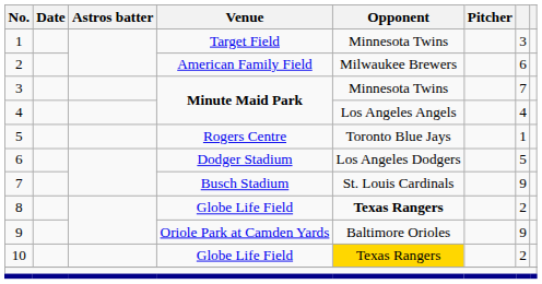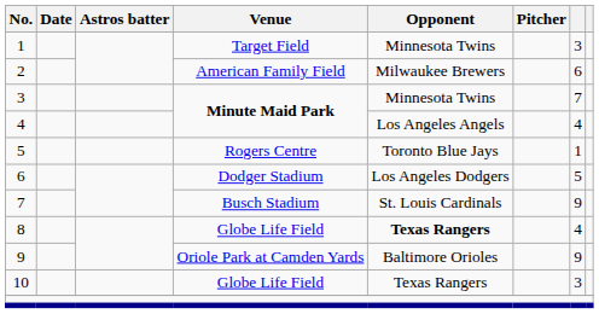 <table class="wikitable sortable" border="1" style="font-size: 90%">
 <tr>
 <th>No.</th>
 <th>Date</th>
 <th>Astros batter</th>
 <th>Venue</th>
 <th>Opponent</th>
 <th>Pitcher</th>
 <th></th>
 <th></th>
 </tr>
 <tr>
 <td align="center">1</td>
 <td align="center"></td>
 <td rowspan=2><strong></strong></td>
 <td align="center"><a href='#'>Target Field</a></td>
 <td align="center">Minnesota Twins</td>
 <td></td>
 <td align="center">3</td>
 <td align="center"></td>
 </tr>
 <tr>
 <td align="center">2</td>
 <td align="center"></td>
 <td align="center"><a href='#'>American Family Field</a></td>
 <td align="center">Milwaukee Brewers</td>
 <td></td>
 <td align="center">6</td>
 <td align="center"></td>
 </tr>
 <tr>
 <td align="center">3</td>
 <td align="center"></td>
 <td><strong></strong></td>
 <td rowspan=2 align="center"><strong>Minute Maid Park</strong></td>
 <td align="center">Minnesota Twins</td>
 <td></td>
 <td align="center">7</td>
 <td align="center"></td>
 </tr>
 <tr>
 <td align="center">4</td>
 <td align="center"></td>
 <td><strong></strong></td>
 <td align="center">Los Angeles Angels</td>
 <td></td>
 <td align="center">4</td>
 <td align="center"></td>
 </tr>
 <tr>
 <td align="center">5</td>
 <td align="center"></td>
 <td><strong></strong></td>
 <td align="center"><a href='#'>Rogers Centre</a></td>
 <td align="center">Toronto Blue Jays</td>
 <td></td>
 <td align="center">1</td>
 <td align="center"></td>
 </tr>
 <tr>
 <td align="center">6</td>
 <td align="center"></td>
 <td rowspan=2><strong></strong></td>
 <td align="center"><a href='#'>Dodger Stadium</a></td>
 <td align="center">Los Angeles Dodgers</td>
 <td></td>
 <td align="center">5</td>
 <td align="center"></td>
 </tr>
 <tr>
 <td align="center">7</td>
 <td align="center"></td>
 <td align="center"><a href='#'>Busch Stadium</a></td>
 <td align="center">St. Louis Cardinals</td>
 <td></td>
 <td align="center">9</td>
 <td align="center"></td>
 </tr>
 <tr>
 <td align="center">8</td>
 <td align="center"></td>
 <td rowspan=2><strong></strong></td>
 <td align="center"><a href='#'>Globe Life Field</a></td>
 <td align="center"><strong>Texas Rangers</strong></td>
 <td></td>
-<td align="center">2</td>
+<td align="center">4</td>
 <td align="center"></td>
 </tr>
 <tr>
 <td align="center">9</td>
 <td align="center"></td>
 <td align="center"><a href='#'>Oriole Park at Camden Yards</a></td>
 <td align="center">Baltimore Orioles</td>
 <td></td>
 <td align="center">9</td>
 <td align="center"></td>
 </tr>
 <tr>
 <td align="center">10</td>
 <td align="center"></td>
 <td><strong></strong></td>
 <td align="center"><a href='#'>Globe Life Field</a></td>
-<td align="center" style="background: gold;">Texas Rangers</td>
+<td align="center">Texas Rangers</td>
 <td></td>
-<td align="center">2</td>
+<td align="center">3</td>
 <td align="center"></td>
 </tr>
 <tr>
 </tr>
 <tr class="sort-bottom">
 <td style="border-bottom:#020088 5px solid;" colspan="8"></td>
 </tr>
 </table>
